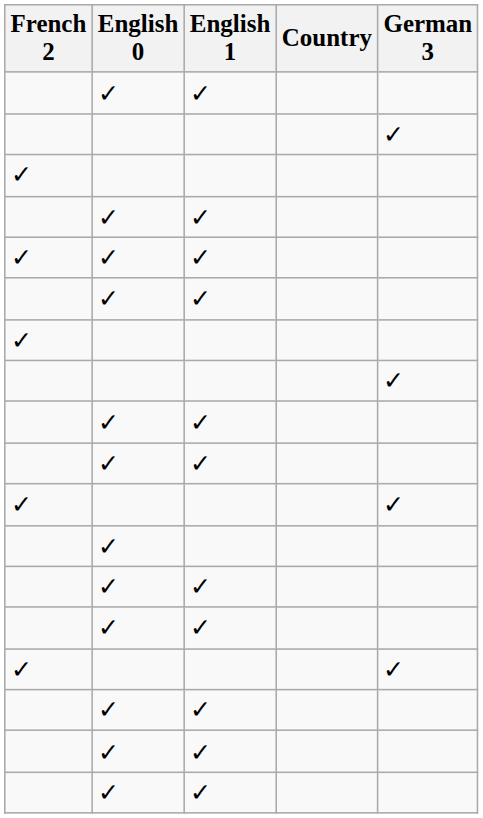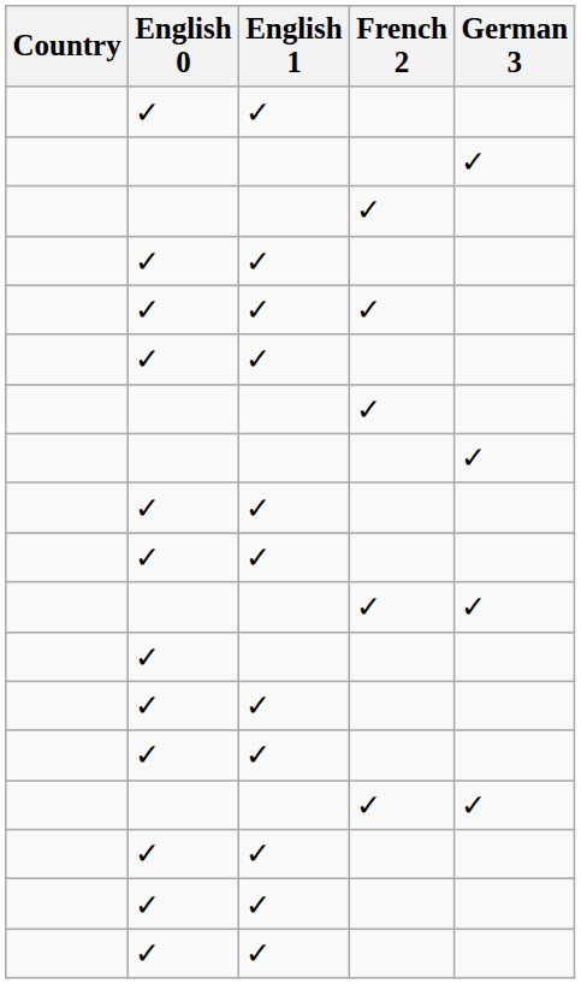 <table class="wikitable sortable">
 <tr>
-<th>French<br>2</th>
+<th>Country</th>
 <th>English<br>0</th>
 <th>English<br>1</th>
-<th>Country</th>
+<th>French<br>2</th>
 <th>German<br>3</th>
 </tr>
 <tr>
 <td></td>
 <td>✓</td>
 <td>✓</td>
 <td></td>
 <td></td>
 </tr>
 <tr>
 <td></td>
 <td></td>
 <td></td>
 <td></td>
 <td>✓</td>
 </tr>
 <tr>
-<td>✓</td>
 <td></td>
 <td></td>
 <td></td>
+<td>✓</td>
 <td></td>
 </tr>
 <tr>
 <td></td>
 <td>✓</td>
 <td>✓</td>
 <td></td>
 <td></td>
 </tr>
 <tr>
+<td></td>
 <td>✓</td>
 <td>✓</td>
 <td>✓</td>
-<td></td>
 <td></td>
 </tr>
 <tr>
 <td></td>
 <td>✓</td>
 <td>✓</td>
 <td></td>
 <td></td>
 </tr>
 <tr>
-<td>✓</td>
 <td></td>
 <td></td>
 <td></td>
+<td>✓</td>
 <td></td>
 </tr>
 <tr>
 <td></td>
 <td></td>
 <td></td>
 <td></td>
 <td>✓</td>
 </tr>
 <tr>
 <td></td>
 <td>✓</td>
 <td>✓</td>
 <td></td>
 <td></td>
 </tr>
 <tr>
 <td></td>
 <td>✓</td>
 <td>✓</td>
 <td></td>
 <td></td>
 </tr>
 <tr>
-<td>✓</td>
 <td></td>
 <td></td>
 <td></td>
+<td>✓</td>
 <td>✓</td>
 </tr>
 <tr>
 <td></td>
 <td>✓</td>
 <td></td>
 <td></td>
 <td></td>
 </tr>
 <tr>
 <td></td>
 <td>✓</td>
 <td>✓</td>
 <td></td>
 <td></td>
 </tr>
 <tr>
 <td></td>
 <td>✓</td>
 <td>✓</td>
 <td></td>
 <td></td>
 </tr>
 <tr>
-<td>✓</td>
 <td></td>
 <td></td>
 <td></td>
+<td>✓</td>
 <td>✓</td>
 </tr>
 <tr>
 <td></td>
 <td>✓</td>
 <td>✓</td>
 <td></td>
 <td></td>
 </tr>
 <tr>
 <td></td>
 <td>✓</td>
 <td>✓</td>
 <td></td>
 <td></td>
 </tr>
 <tr>
 <td></td>
 <td>✓</td>
 <td>✓</td>
 <td></td>
 <td></td>
 </tr>
 </table>
